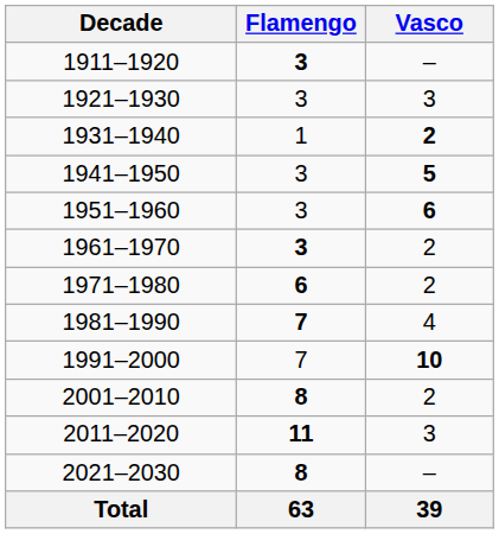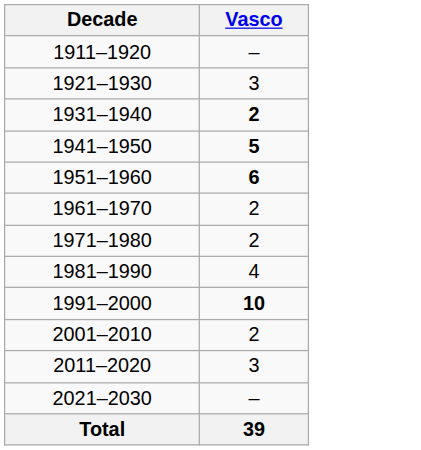 <table class="wikitable" style="text-align:center;">
 <tr>
 <th width="150">Decade</th>
-<th width="80"><a href='#'>Flamengo</a></th>
 <th width="80"><a href='#'>Vasco</a></th>
 </tr>
 <tr>
 <td>1911–1920</td>
-<td><strong>3</strong></td>
 <td>–</td>
 </tr>
 <tr>
 <td>1921–1930</td>
 <td>3</td>
-<td>3</td>
 </tr>
 <tr>
 <td>1931–1940</td>
-<td>1</td>
 <td><strong>2</strong></td>
 </tr>
 <tr>
 <td>1941–1950</td>
-<td>3</td>
 <td><strong>5</strong></td>
 </tr>
 <tr>
 <td>1951–1960</td>
-<td>3</td>
 <td><strong>6</strong></td>
 </tr>
 <tr>
 <td>1961–1970</td>
-<td><strong>3</strong></td>
 <td>2</td>
 </tr>
 <tr>
 <td>1971–1980</td>
-<td><strong>6</strong></td>
 <td>2</td>
 </tr>
 <tr>
 <td>1981–1990</td>
-<td><strong>7</strong></td>
 <td>4</td>
 </tr>
 <tr>
 <td>1991–2000</td>
-<td>7</td>
 <td><strong>10</strong></td>
 </tr>
 <tr>
 <td>2001–2010</td>
-<td><strong>8</strong></td>
 <td>2</td>
 </tr>
 <tr>
 <td>2011–2020</td>
-<td><strong>11</strong></td>
 <td>3</td>
 </tr>
 <tr>
 <td>2021–2030</td>
-<td><strong>8</strong></td>
 <td>–</td>
 </tr>
 <tr>
 <th>Total</th>
-<th>63</th>
 <th>39</th>
 </tr>
 </table>
